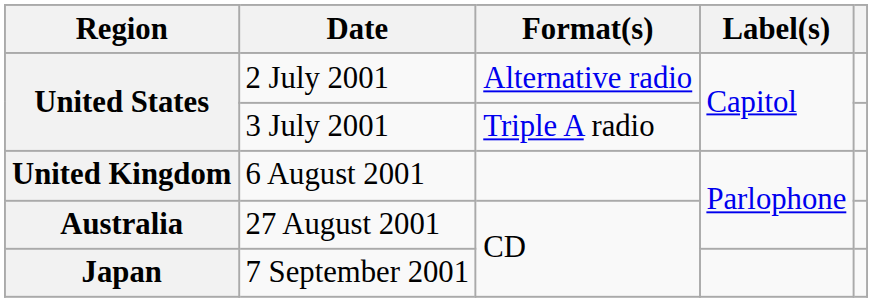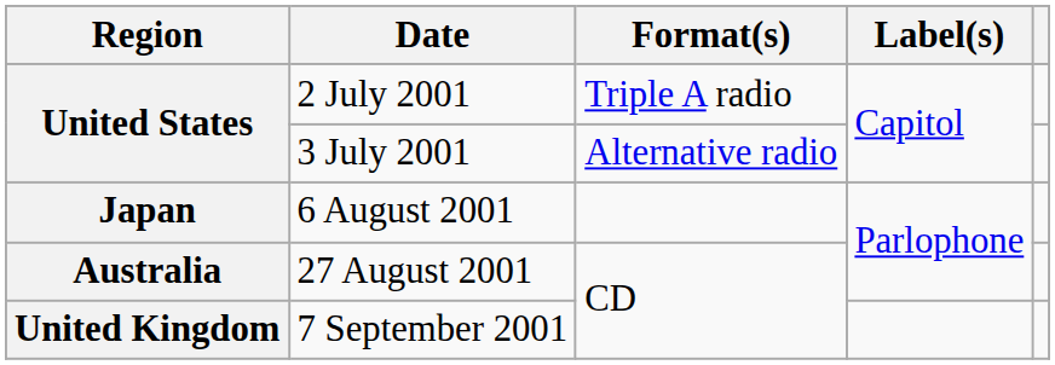 <table class="wikitable plainrowheaders">
 <tr>
 <th scope="col">Region</th>
 <th scope="col">Date</th>
 <th scope="col">Format(s)</th>
 <th scope="col">Label(s)</th>
 <th scope="col"></th>
 </tr>
 <tr>
 <th scope="row" rowspan="2">United States</th>
 <td>2 July 2001</td>
-<td><a href='#'>Alternative radio</a></td>
+<td><a href='#'>Triple A</a> radio</td>
 <td rowspan="2"><a href='#'>Capitol</a></td>
 <td></td>
 </tr>
 <tr>
 <td>3 July 2001</td>
-<td><a href='#'>Triple A</a> radio</td>
+<td><a href='#'>Alternative radio</a></td>
 <td></td>
 </tr>
 <tr>
-<th scope="row">United Kingdom</th>
+<th scope="row">Japan</th>
 <td>6 August 2001</td>
 <td></td>
 <td rowspan="2"><a href='#'>Parlophone</a></td>
 <td></td>
 </tr>
 <tr>
 <th scope="row">Australia</th>
 <td>27 August 2001</td>
 <td rowspan="2">CD</td>
 <td></td>
 </tr>
 <tr>
-<th scope="row">Japan</th>
+<th scope="row">United Kingdom</th>
 <td>7 September 2001</td>
 <td></td>
 <td></td>
 </tr>
 </table>
